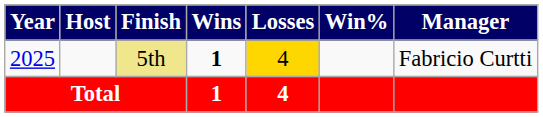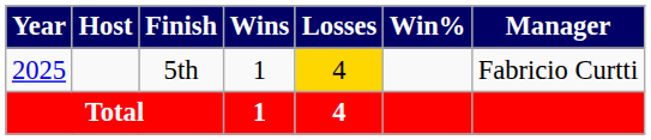 <table class="wikitable sortable plainrowheaders" style="text-align:center;">
 <tr>
 <th scope="col" style="background-color:#000066; color:#FFFFFF;">Year</th>
 <th scope="col" style="background-color:#000066; color:#FFFFFF;">Host</th>
 <th scope="col" style="background-color:#000066; color:#FFFFFF;">Finish</th>
 <th scope="col" style="background-color:#000066; color:#FFFFFF;">Wins</th>
 <th scope="col" style="background-color:#000066; color:#FFFFFF;">Losses</th>
 <th scope="col" style="background-color:#000066; color:#FFFFFF;">Win%</th>
 <th scope="col" style="background-color:#000066; color:#FFFFFF;">Manager</th>
 </tr>
 <tr>
 <td><a href='#'>2025</a></td>
 <td align=left></td>
-<td style="background: khaki;">5th</td>
-<td><strong>1</strong></td>
+<td>5th</td>
+<td>1</td>
 <td style="background: gold;">4</td>
 <td></td>
 <td align=left> Fabricio Curtti</td>
 </tr>
 <tr style="text-align:center; background-color:#FF0000; color:#FFFFFF;">
 <td colspan="3"><strong>Total</strong></td>
 <td><strong>1</strong></td>
 <td><strong>4</strong></td>
 <td><strong></strong></td>
 <td></td>
 </tr>
 </table>
